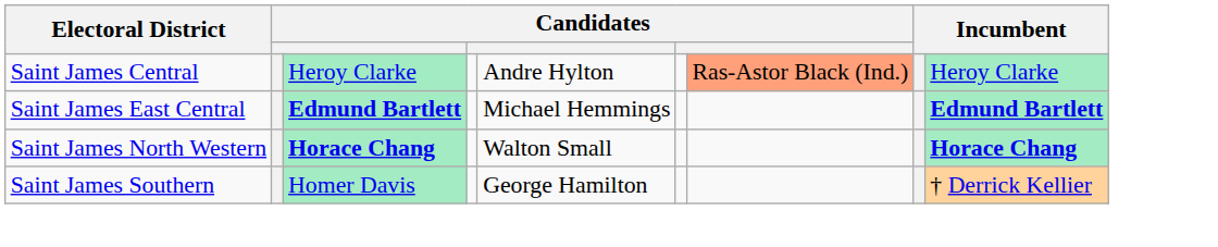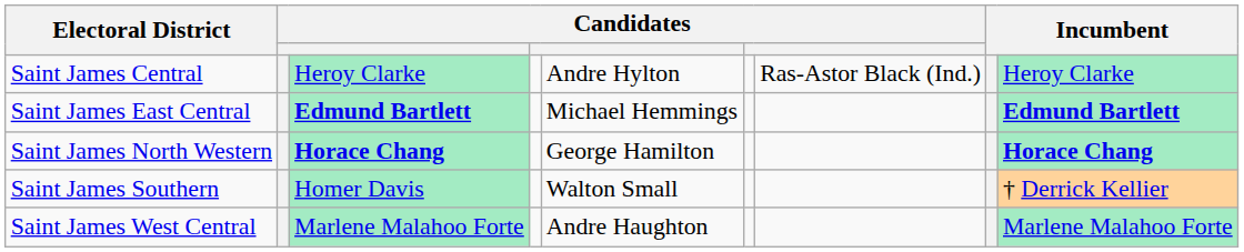 <table class="wikitable">
 <tr>
 <th rowspan="2">Electoral District</th>
 <th colspan="6">Candidates</th>
 <th colspan="2" rowspan="2">Incumbent</th>
 </tr>
 <tr>
 <th colspan="2" style="background:"><a href='#'></a></th>
 <th colspan="2" style="background:"><a href='#'></a></th>
 <th colspan="2" style="background:"></th>
 </tr>
 <tr>
 <td><a href='#'>Saint James Central</a></td>
 <th style="background:"></th>
 <td style="background:#a3ebc3"><a href='#'>Heroy Clarke</a></td>
 <td></td>
 <td>Andre Hylton</td>
 <td></td>
-<td style="background: lightsalmon;">Ras-Astor Black (Ind.)</td>
+<td>Ras-Astor Black (Ind.)</td>
 <th style="background:"></th>
 <td style="background:#a3ebc3"><a href='#'>Heroy Clarke</a></td>
 </tr>
 <tr>
 <td><a href='#'>Saint James East Central</a></td>
 <th style="background:"></th>
 <td style="background:#a3ebc3"><strong><a href='#'>Edmund Bartlett</a></strong></td>
 <td></td>
 <td>Michael Hemmings</td>
 <td></td>
 <td></td>
 <th style="background:"></th>
 <td style="background:#a3ebc3"><strong><a href='#'>Edmund Bartlett</a></strong></td>
 </tr>
 <tr>
 <td><a href='#'>Saint James North Western</a></td>
 <th style="background:"></th>
 <td style="background:#a3ebc3"><strong><a href='#'>Horace Chang</a></strong></td>
 <td></td>
-<td>Walton Small</td>
+<td>George Hamilton</td>
 <td></td>
 <td></td>
 <th style="background:"></th>
 <td style="background:#a3ebc3"><strong><a href='#'>Horace Chang</a></strong></td>
 </tr>
 <tr>
 <td><a href='#'>Saint James Southern</a></td>
 <th style="background:"></th>
 <td style="background:#a3ebc3"><a href='#'>Homer Davis</a></td>
 <td></td>
-<td>George Hamilton</td>
+<td>Walton Small</td>
 <td></td>
 <td></td>
 <th style="background:"></th>
 <td style="background:#FFD39B">† <a href='#'>Derrick Kellier</a></td>
 </tr>
+<tr>
+<td><a href='#'>Saint James West Central</a></td>
+<th style="background:"></th>
+<td style="background:#a3ebc3"><a href='#'>Marlene Malahoo Forte</a></td>
+<td></td>
+<td>Andre Haughton</td>
+<td></td>
+<td></td>
+<th style="background:"></th>
+<td style="background:#a3ebc3"><a href='#'>Marlene Malahoo Forte</a></td>
+</tr>
 </table>
